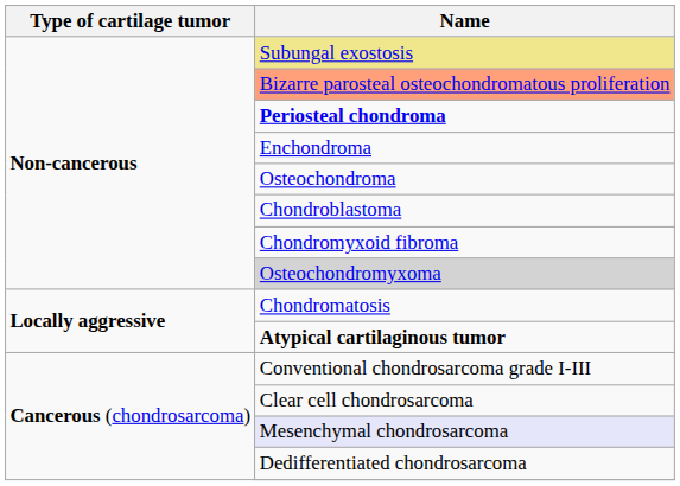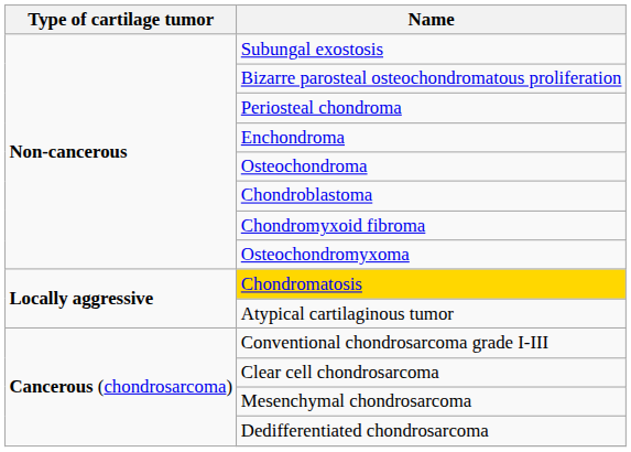 <table class="wikitable sortable">
 <tr>
 <th>Type of cartilage tumor</th>
 <th>Name</th>
 </tr>
 <tr>
 <td rowspan=8><strong>Non-cancerous</strong></td>
-<td style="background: khaki;"><a href='#'>Subungal exostosis</a></td>
+<td><a href='#'>Subungal exostosis</a></td>
 </tr>
 <tr>
-<td style="background: lightsalmon;"><a href='#'>Bizarre parosteal osteochondromatous proliferation</a></td>
+<td><a href='#'>Bizarre parosteal osteochondromatous proliferation</a></td>
 </tr>
 <tr>
-<td><strong><a href='#'>Periosteal chondroma</a></strong></td>
+<td><a href='#'>Periosteal chondroma</a></td>
 </tr>
 <tr>
 <td><a href='#'>Enchondroma</a></td>
 </tr>
 <tr>
 <td><a href='#'>Osteochondroma</a></td>
 </tr>
 <tr>
 <td><a href='#'>Chondroblastoma</a></td>
 </tr>
 <tr>
 <td><a href='#'>Chondromyxoid fibroma</a></td>
 </tr>
 <tr>
-<td style="background: lightgrey;"><a href='#'>Osteochondromyxoma</a></td>
+<td><a href='#'>Osteochondromyxoma</a></td>
 </tr>
 <tr>
 <td rowspan=2><strong>Locally aggressive</strong></td>
-<td><a href='#'>Chondromatosis</a></td>
+<td style="background: gold;"><a href='#'>Chondromatosis</a></td>
 </tr>
 <tr>
-<td><strong>Atypical cartilaginous tumor</strong></td>
+<td>Atypical cartilaginous tumor</td>
 </tr>
 <tr>
 <td rowspan=6><strong>Cancerous</strong> (<a href='#'>chondrosarcoma</a>)</td>
 <td>Conventional chondrosarcoma grade I-III</td>
 </tr>
 <tr>
 <td>Clear cell chondrosarcoma</td>
 </tr>
 <tr>
-<td style="background: lavender;">Mesenchymal chondrosarcoma</td>
+<td>Mesenchymal chondrosarcoma</td>
 </tr>
 <tr>
 <td>Dedifferentiated chondrosarcoma</td>
 </tr>
 <tr>
 </tr>
 </table>
